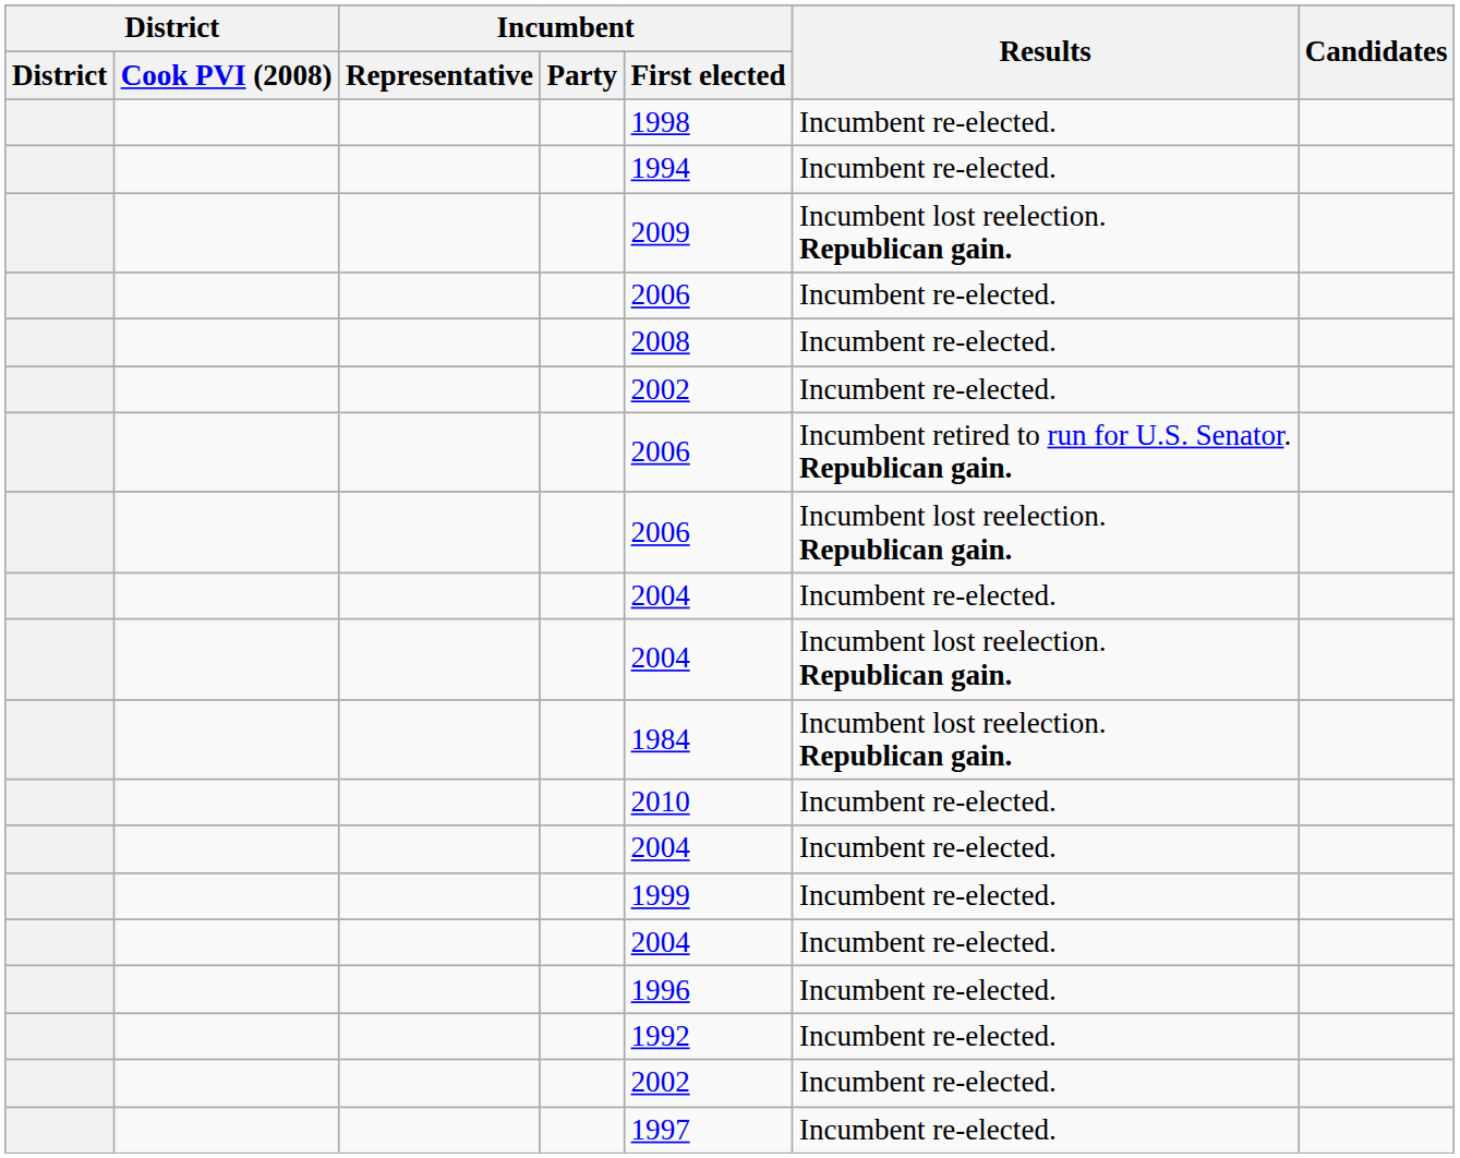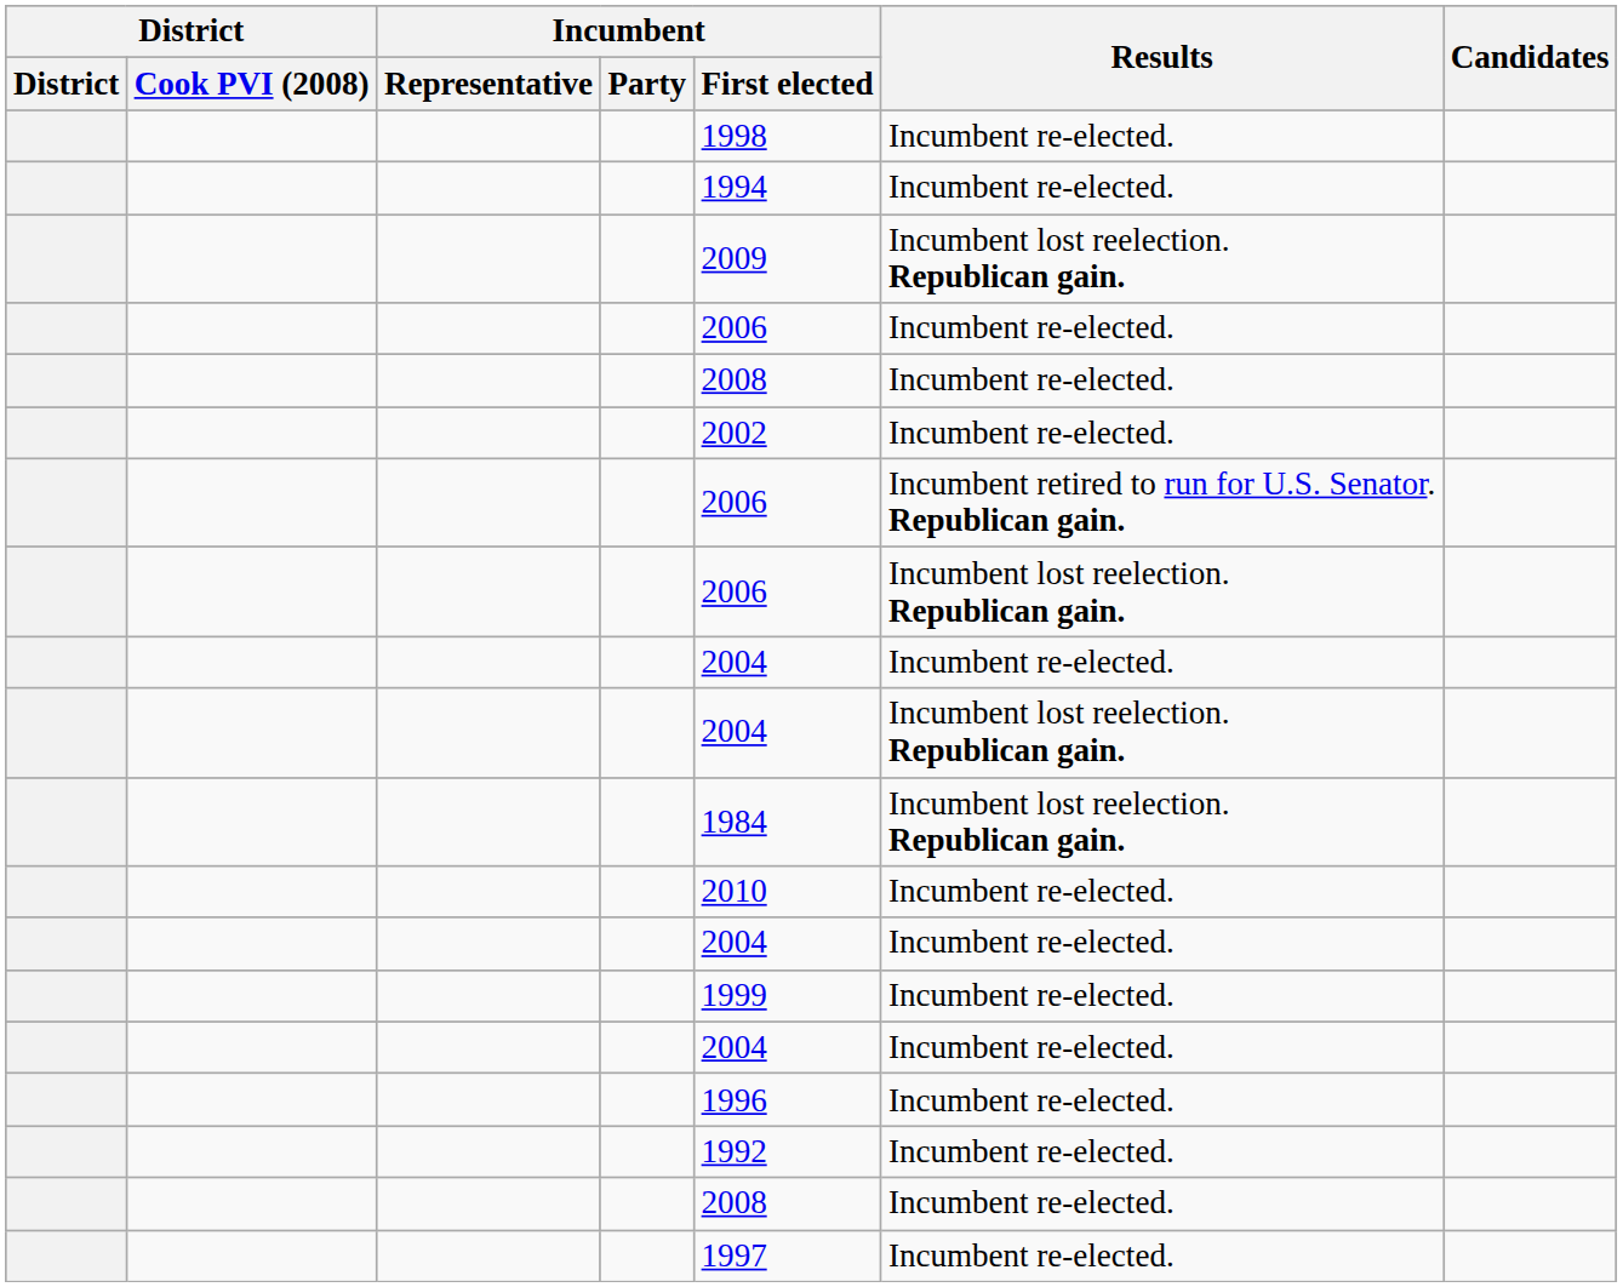 <table class="wikitable sortable">
 <tr>
 <th colspan=2>District</th>
 <th colspan=3>Incumbent</th>
 <th rowspan=2>Results</th>
 <th rowspan=2>Candidates</th>
 </tr>
 <tr valign=bottom>
 <th>District</th>
 <th><a href='#'>Cook PVI</a> (2008)</th>
 <th>Representative</th>
 <th>Party</th>
 <th>First elected</th>
 </tr>
 <tr>
 <th></th>
 <td></td>
 <td></td>
 <td></td>
 <td><a href='#'>1998</a></td>
 <td>Incumbent re-elected.</td>
 <td nowrap></td>
 </tr>
 <tr>
 <th></th>
 <td></td>
 <td></td>
 <td></td>
 <td><a href='#'>1994</a></td>
 <td>Incumbent re-elected.</td>
 <td nowrap></td>
 </tr>
 <tr>
 <th></th>
 <td></td>
 <td></td>
 <td></td>
 <td><a href='#'>2009</a></td>
 <td>Incumbent lost reelection.<br><strong>Republican gain.</strong></td>
 <td nowrap></td>
 </tr>
 <tr>
 <th></th>
 <td></td>
 <td></td>
 <td></td>
 <td><a href='#'>2006</a></td>
 <td>Incumbent re-elected.</td>
 <td nowrap></td>
 </tr>
 <tr>
 <th></th>
 <td></td>
 <td></td>
 <td></td>
 <td><a href='#'>2008</a></td>
 <td>Incumbent re-elected.</td>
 <td nowrap></td>
 </tr>
 <tr>
 <th></th>
 <td></td>
 <td></td>
 <td></td>
 <td><a href='#'>2002</a></td>
 <td>Incumbent re-elected.</td>
 <td nowrap></td>
 </tr>
 <tr>
 <th></th>
 <td></td>
 <td></td>
 <td></td>
 <td><a href='#'>2006</a></td>
 <td>Incumbent retired to <a href='#'>run for U.S. Senator</a>.<br><strong>Republican gain.</strong></td>
 <td nowrap></td>
 </tr>
 <tr>
 <th></th>
 <td></td>
 <td></td>
 <td></td>
 <td><a href='#'>2006</a></td>
 <td>Incumbent lost reelection.<br><strong>Republican gain.</strong></td>
 <td nowrap></td>
 </tr>
 <tr>
 <th></th>
 <td></td>
 <td></td>
 <td></td>
 <td><a href='#'>2004 </a></td>
 <td>Incumbent re-elected.</td>
 <td nowrap></td>
 </tr>
 <tr>
 <th></th>
 <td></td>
 <td></td>
 <td></td>
 <td><a href='#'>2004</a></td>
 <td>Incumbent lost reelection.<br><strong>Republican gain.</strong></td>
 <td nowrap></td>
 </tr>
 <tr>
 <th></th>
 <td></td>
 <td></td>
 <td></td>
 <td><a href='#'>1984</a></td>
 <td>Incumbent lost reelection.<br><strong>Republican gain.</strong></td>
 <td nowrap></td>
 </tr>
 <tr>
 <th></th>
 <td></td>
 <td></td>
 <td></td>
 <td><a href='#'>2010</a></td>
 <td>Incumbent re-elected.</td>
 <td nowrap></td>
 </tr>
 <tr>
 <th></th>
 <td></td>
 <td></td>
 <td></td>
 <td><a href='#'>2004</a></td>
 <td>Incumbent re-elected.</td>
 <td nowrap></td>
 </tr>
 <tr>
 <th></th>
 <td></td>
 <td></td>
 <td></td>
 <td><a href='#'>1999</a></td>
 <td>Incumbent re-elected.</td>
 <td nowrap></td>
 </tr>
 <tr>
 <th></th>
 <td></td>
 <td></td>
 <td></td>
 <td><a href='#'>2004</a></td>
 <td>Incumbent re-elected.</td>
 <td nowrap></td>
 </tr>
 <tr>
 <th></th>
 <td></td>
 <td></td>
 <td></td>
 <td><a href='#'>1996</a></td>
 <td>Incumbent re-elected.</td>
 <td nowrap></td>
 </tr>
 <tr>
 <th></th>
 <td></td>
 <td></td>
 <td></td>
 <td><a href='#'>1992</a></td>
 <td>Incumbent re-elected.</td>
 <td nowrap></td>
 </tr>
 <tr>
 <th></th>
 <td></td>
 <td></td>
 <td></td>
-<td><a href='#'>2002</a></td>
+<td><a href='#'>2008</a></td>
 <td>Incumbent re-elected.</td>
 <td nowrap></td>
 </tr>
 <tr>
 <th></th>
 <td></td>
 <td></td>
 <td></td>
 <td><a href='#'>1997</a></td>
 <td>Incumbent re-elected.</td>
 <td nowrap></td>
 </tr>
 </table>
